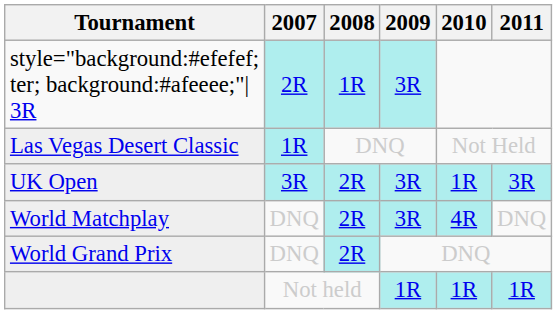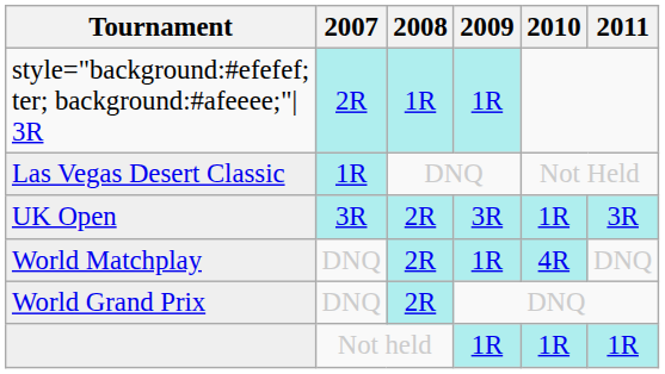 <table class="wikitable" style="width:20%; margin:0">
 <tr>
 <th>Tournament</th>
 <th>2007</th>
 <th>2008</th>
 <th>2009</th>
 <th>2010</th>
 <th>2011</th>
 </tr>
 <tr>
 <td>style="background:#efefef;<br>ter; background:#afeeee;"| <a href='#'>3R</a></td>
 <td style="text-align:center; background:#afeeee;"><a href='#'>2R</a></td>
 <td style="text-align:center; background:#afeeee;"><a href='#'>1R</a></td>
-<td style="text-align:center; background:#afeeee;"><a href='#'>3R</a></td>
+<td style="text-align:center; background:#afeeee;"><a href='#'>1R</a></td>
 </tr>
 <tr>
 <td style="background:#efefef;"><a href='#'>Las Vegas Desert Classic</a></td>
 <td style="text-align:center; background:#afeeee;"><a href='#'>1R</a></td>
 <td colspan="2" style="text-align:center; color:#ccc;">DNQ</td>
 <td colspan="2" style="text-align:center; color:#ccc;">Not Held</td>
 </tr>
 <tr>
 <td style="background:#efefef;"><a href='#'>UK Open</a></td>
 <td style="text-align:center; background:#afeeee;"><a href='#'>3R</a></td>
 <td style="text-align:center; background:#afeeee;"><a href='#'>2R</a></td>
 <td style="text-align:center; background:#afeeee;"><a href='#'>3R</a></td>
 <td style="text-align:center; background:#afeeee;"><a href='#'>1R</a></td>
 <td style="text-align:center; background:#afeeee;"><a href='#'>3R</a></td>
 </tr>
 <tr>
 <td style="background:#efefef;"><a href='#'>World Matchplay</a></td>
 <td colspan="1" style="text-align:center; color:#ccc;">DNQ</td>
 <td style="text-align:center; background:#afeeee;"><a href='#'>2R</a></td>
-<td style="text-align:center; background:#afeeee;"><a href='#'>3R</a></td>
+<td style="text-align:center; background:#afeeee;"><a href='#'>1R</a></td>
 <td style="text-align:center; background:#afeeee;"><a href='#'>4R</a></td>
 <td colspan="1" style="text-align:center; color:#ccc;">DNQ</td>
 </tr>
 <tr>
 <td style="background:#efefef;"><a href='#'>World Grand Prix</a></td>
 <td colspan="1" style="text-align:center; color:#ccc;">DNQ</td>
 <td style="text-align:center; background:#afeeee;"><a href='#'>2R</a></td>
 <td colspan="3" style="text-align:center; color:#ccc;">DNQ</td>
 </tr>
 <tr>
 <td style="background:#efefef;"></td>
 <td colspan="2" style="text-align:center; color:#ccc;">Not held</td>
 <td style="text-align:center; background:#afeeee;"><a href='#'>1R</a></td>
 <td style="text-align:center; background:#afeeee;"><a href='#'>1R</a></td>
 <td style="text-align:center; background:#afeeee;"><a href='#'>1R</a></td>
 </tr>
 </table>
